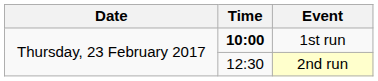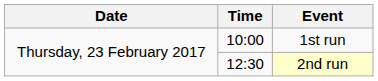 <table class = "wikitable" style="text-align:center;">
 <tr>
 <th width=220>Date</th>
 <th width=50>Time</th>
 <th width=100>Event</th>
 </tr>
 <tr>
 <td rowspan=2>Thursday, 23 February 2017</td>
-<td><strong>10:00</strong></td>
+<td>10:00</td>
 <td>1st run</td>
 </tr>
 <tr>
 <td>12:30</td>
 <td bgcolor=ffffcc>2nd run</td>
 </tr>
 </table>
